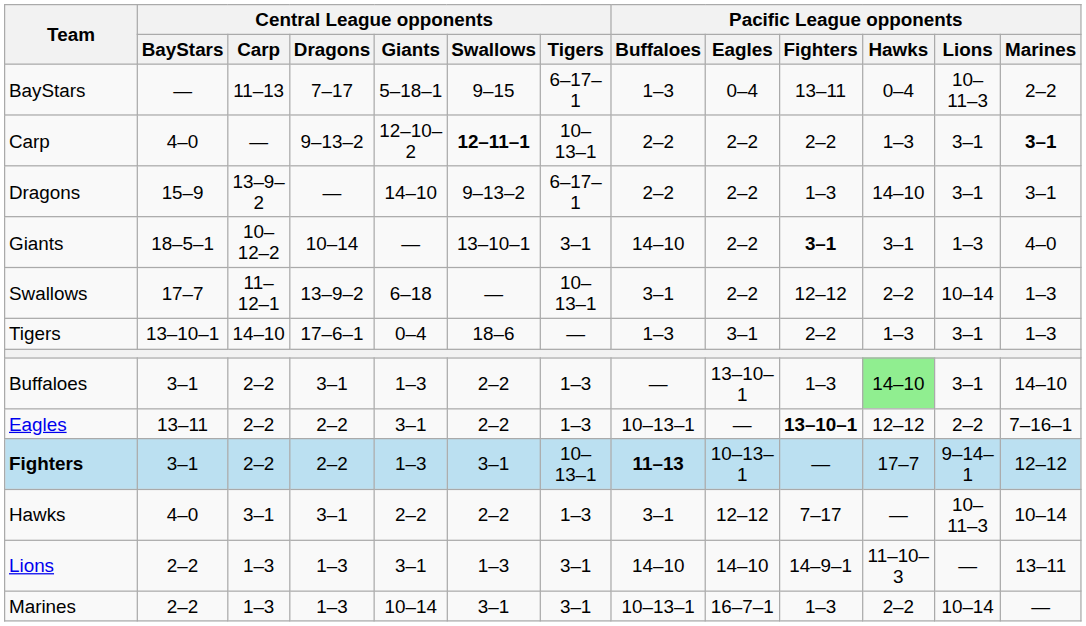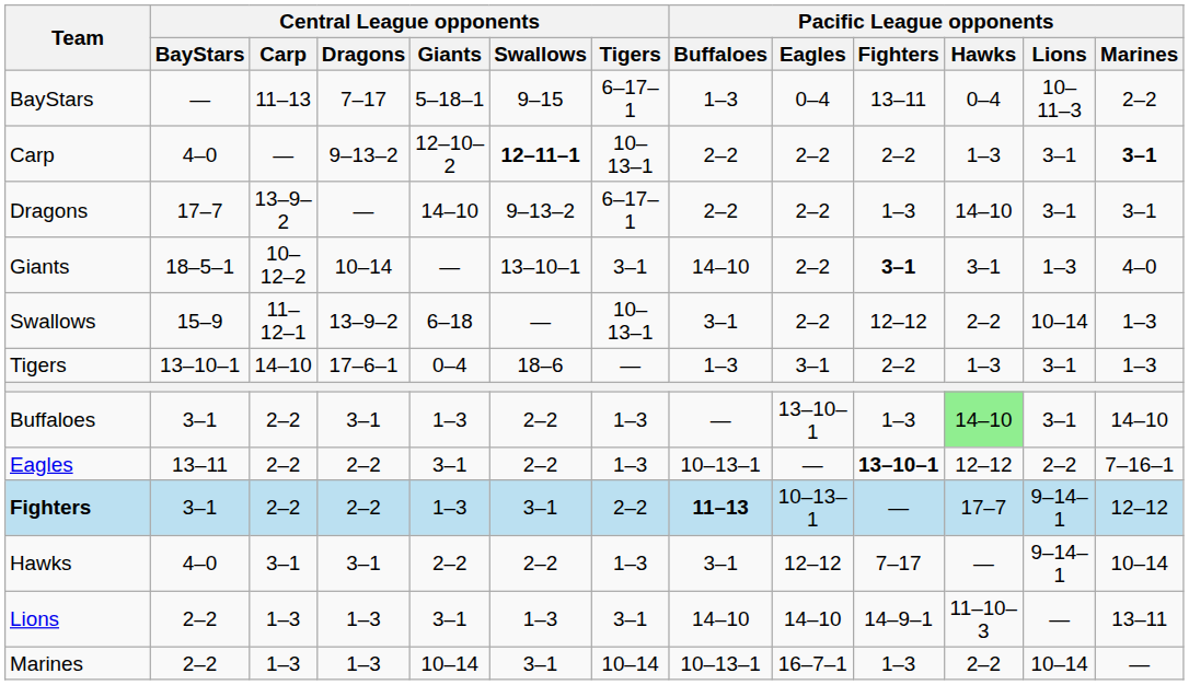 <table class="wikitable" style="font-size:95%; text-align:center;">
 <tr>
 <th rowspan=2 width=100>Team</th>
 <th colspan=6>Central League opponents</th>
 <th colspan=6>Pacific League opponents</th>
 </tr>
 <tr>
 <th style=>BayStars</th>
 <th style=>Carp</th>
 <th style=>Dragons</th>
 <th style=>Giants</th>
 <th style=>Swallows</th>
 <th style=>Tigers</th>
 <th style=>Buffaloes</th>
 <th style=>Eagles</th>
 <th style=>Fighters</th>
 <th style=>Hawks</th>
 <th style=>Lions</th>
 <th style=>Marines</th>
 </tr>
 <tr>
 <td style="text-align:left;">BayStars</td>
 <td>—</td>
 <td>11–13</td>
 <td>7–17</td>
 <td>5–18–1</td>
 <td>9–15</td>
 <td>6–17–1</td>
 <td>1–3</td>
 <td>0–4</td>
 <td>13–11</td>
 <td>0–4</td>
 <td>10–11–3</td>
 <td>2–2</td>
 </tr>
 <tr>
 <td style="text-align:left;">Carp</td>
 <td>4–0</td>
 <td>—</td>
 <td>9–13–2</td>
 <td>12–10–2</td>
 <td><strong>12–11–1</strong></td>
 <td>10–13–1</td>
 <td>2–2</td>
 <td>2–2</td>
 <td>2–2</td>
 <td>1–3</td>
 <td>3–1</td>
 <td><strong>3–1</strong></td>
 </tr>
 <tr>
 <td style="text-align:left;">Dragons</td>
-<td>15–9</td>
+<td>17–7</td>
 <td>13–9–2</td>
 <td>—</td>
 <td>14–10</td>
 <td>9–13–2</td>
 <td>6–17–1</td>
 <td>2–2</td>
 <td>2–2</td>
 <td>1–3</td>
 <td>14–10</td>
 <td>3–1</td>
 <td>3–1</td>
 </tr>
 <tr>
 <td style="text-align:left;">Giants</td>
 <td>18–5–1</td>
 <td>10–12–2</td>
 <td>10–14</td>
 <td>—</td>
 <td>13–10–1</td>
 <td>3–1</td>
 <td>14–10</td>
 <td>2–2</td>
 <td><strong>3–1</strong></td>
 <td>3–1</td>
 <td>1–3</td>
 <td>4–0</td>
 </tr>
 <tr>
 <td style="text-align:left;">Swallows</td>
-<td>17–7</td>
+<td>15–9</td>
 <td>11–12–1</td>
 <td>13–9–2</td>
 <td>6–18</td>
 <td>—</td>
 <td>10–13–1</td>
 <td>3–1</td>
 <td>2–2</td>
 <td>12–12</td>
 <td>2–2</td>
 <td>10–14</td>
 <td>1–3</td>
 </tr>
 <tr>
 <td style="text-align:left;">Tigers</td>
 <td>13–10–1</td>
 <td>14–10</td>
 <td>17–6–1</td>
 <td>0–4</td>
 <td>18–6</td>
 <td>—</td>
 <td>1–3</td>
 <td>3–1</td>
 <td>2–2</td>
 <td>1–3</td>
 <td>3–1</td>
 <td>1–3</td>
 </tr>
 <tr>
 <th colspan="13"></th>
 </tr>
 <tr>
 <td style="text-align:left;">Buffaloes</td>
 <td>3–1</td>
 <td>2–2</td>
 <td>3–1</td>
 <td>1–3</td>
 <td>2–2</td>
 <td>1–3</td>
 <td>—</td>
 <td>13–10–1</td>
 <td>1–3</td>
 <td style="background: lightgreen;">14–10</td>
 <td>3–1</td>
 <td>14–10</td>
 </tr>
 <tr>
 <td style="text-align:left;"><a href='#'>Eagles</a></td>
 <td>13–11</td>
 <td>2–2</td>
 <td>2–2</td>
 <td>3–1</td>
 <td>2–2</td>
 <td>1–3</td>
 <td>10–13–1</td>
 <td>—</td>
 <td><strong>13–10–1</strong></td>
 <td>12–12</td>
 <td>2–2</td>
 <td>7–16–1</td>
 </tr>
 <tr style="background: #bbe0f1">
 <td style="text-align:left;"><strong>Fighters</strong></td>
 <td>3–1</td>
 <td>2–2</td>
 <td>2–2</td>
 <td>1–3</td>
 <td>3–1</td>
-<td>10–13–1</td>
+<td>2–2</td>
 <td><strong>11–13</strong></td>
 <td>10–13–1</td>
 <td>—</td>
 <td>17–7</td>
 <td>9–14–1</td>
 <td>12–12</td>
 </tr>
 <tr>
 <td style="text-align:left;">Hawks</td>
 <td>4–0</td>
 <td>3–1</td>
 <td>3–1</td>
 <td>2–2</td>
 <td>2–2</td>
 <td>1–3</td>
 <td>3–1</td>
 <td>12–12</td>
 <td>7–17</td>
 <td>—</td>
-<td>10–11–3</td>
+<td>9–14–1</td>
 <td>10–14</td>
 </tr>
 <tr>
 <td style="text-align:left;"><a href='#'>Lions</a></td>
 <td>2–2</td>
 <td>1–3</td>
 <td>1–3</td>
 <td>3–1</td>
 <td>1–3</td>
 <td>3–1</td>
 <td>14–10</td>
 <td>14–10</td>
 <td>14–9–1</td>
 <td>11–10–3</td>
 <td>—</td>
 <td>13–11</td>
 </tr>
 <tr>
 <td style="text-align:left;">Marines</td>
 <td>2–2</td>
 <td>1–3</td>
 <td>1–3</td>
 <td>10–14</td>
 <td>3–1</td>
-<td>3–1</td>
+<td>10–14</td>
 <td>10–13–1</td>
 <td>16–7–1</td>
 <td>1–3</td>
 <td>2–2</td>
 <td>10–14</td>
 <td>—</td>
 </tr>
 </table>
